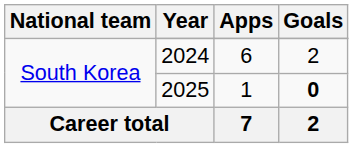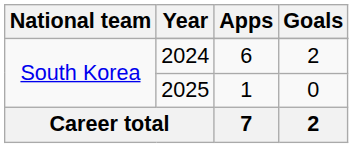 <table class=wikitable style="text-align: center;">
 <tr>
 <th>National team</th>
 <th>Year</th>
 <th>Apps</th>
 <th>Goals</th>
 </tr>
 <tr>
 <td rowspan=3><a href='#'>South Korea</a></td>
 </tr>
 <tr>
 <td>2024</td>
 <td>6</td>
 <td>2</td>
 </tr>
 <tr>
 <td>2025</td>
 <td>1</td>
-<td><strong>0</strong></td>
+<td>0</td>
 </tr>
 <tr>
 <th colspan="2">Career total</th>
 <th>7</th>
 <th>2</th>
 </tr>
 </table>
